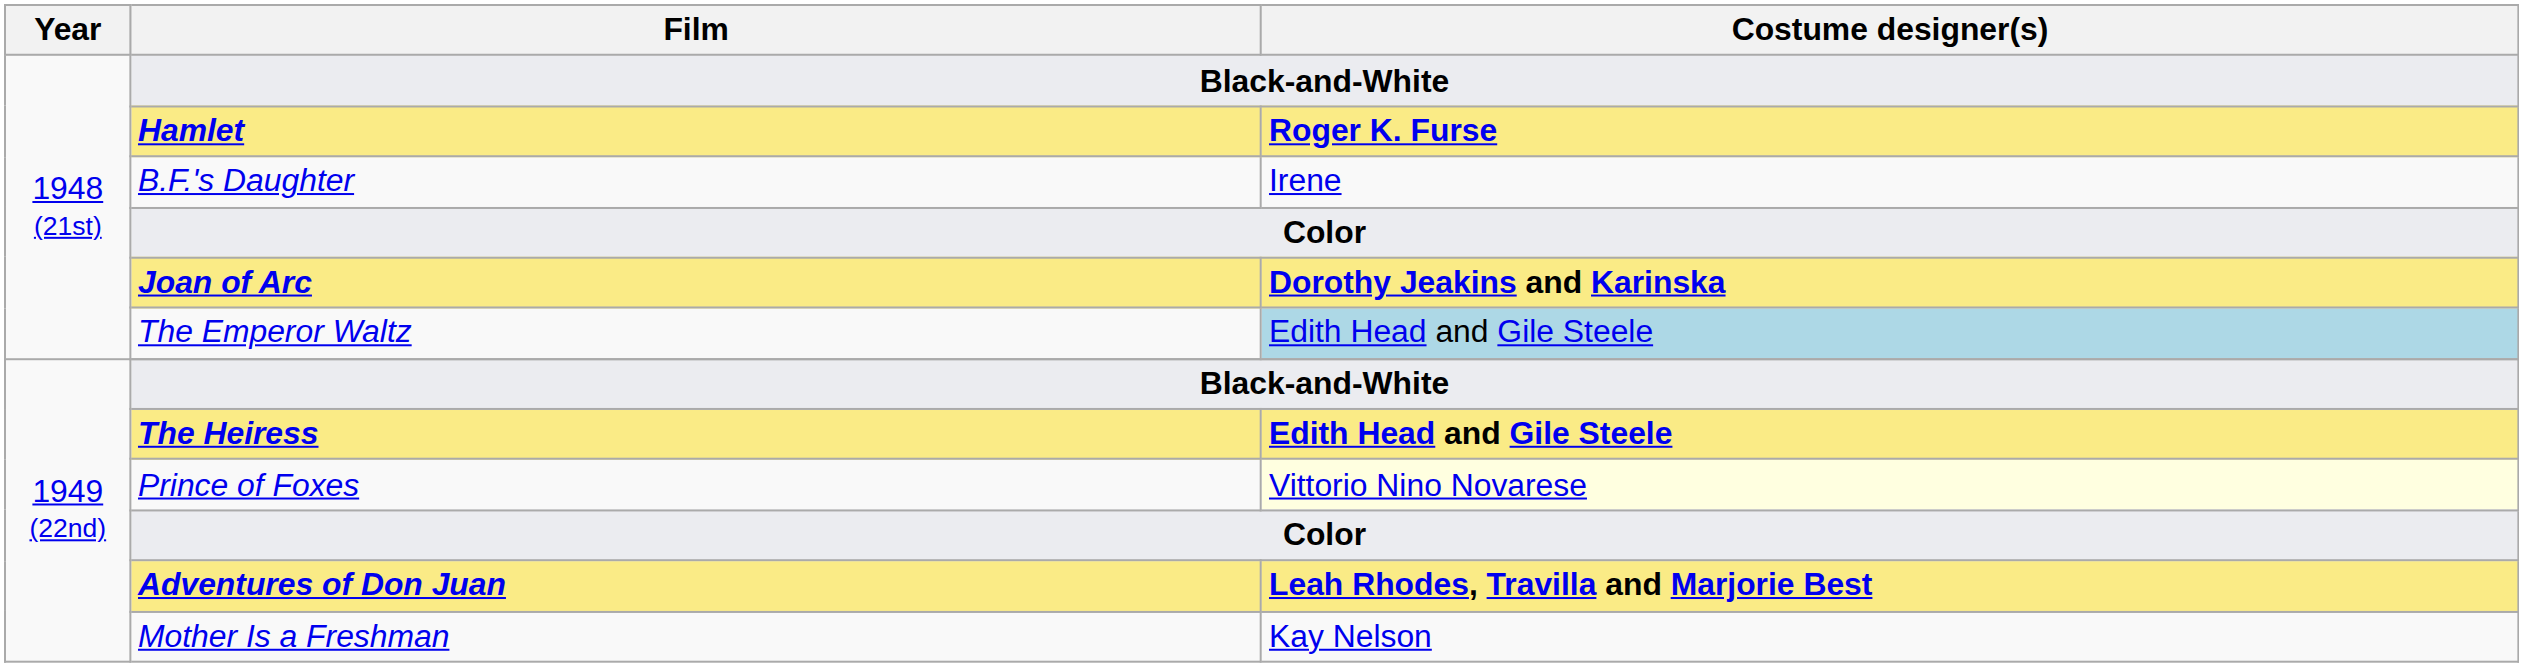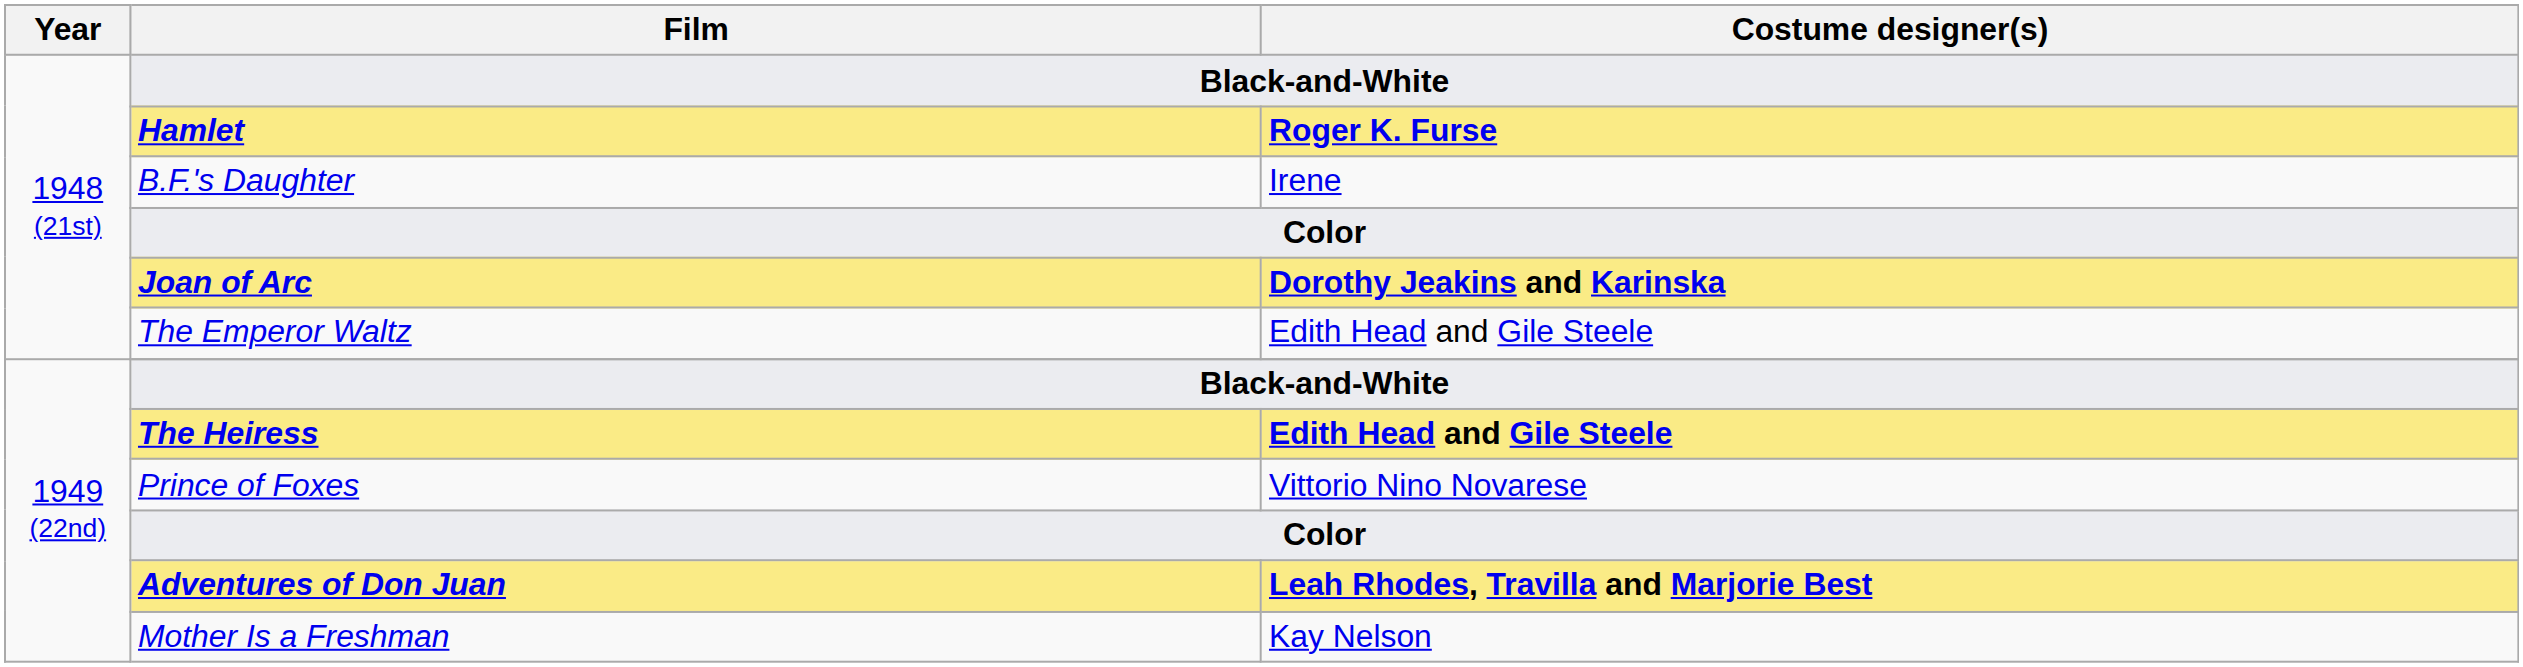 <table class="wikitable" style="width:100%">
 <tr bgcolor="#bebebe">
 <th width="5%">Year</th>
 <th width="45%">Film</th>
 <th width="50%">Costume designer(s)</th>
 </tr>
 <tr>
 <td rowspan="6" style="text-align:center"><a href='#'>1948</a><br><small><a href='#'>(21st)</a></small> <br></td>
 <td colspan="2" style="text-align:center; background:#EBECF0"><strong>Black-and-White</strong></td>
 </tr>
 <tr style="background:#FAEB86">
 <td><strong><em><a href='#'>Hamlet</a></em></strong></td>
 <td><strong><a href='#'>Roger K. Furse</a></strong></td>
 </tr>
 <tr>
 <td><em><a href='#'>B.F.'s Daughter</a></em></td>
 <td><a href='#'>Irene</a></td>
 </tr>
 <tr>
 <td colspan=2 style="text-align:center; background:#EBECF0"><strong>Color</strong></td>
 </tr>
 <tr style="background:#FAEB86">
 <td><strong><em><a href='#'>Joan of Arc</a></em></strong></td>
 <td><strong><a href='#'>Dorothy Jeakins</a> and <a href='#'>Karinska</a></strong></td>
 </tr>
 <tr>
 <td><em><a href='#'>The Emperor Waltz</a></em></td>
-<td style="background: lightblue;"><a href='#'>Edith Head</a> and <a href='#'>Gile Steele</a></td>
+<td><a href='#'>Edith Head</a> and <a href='#'>Gile Steele</a></td>
 </tr>
 <tr>
 <td rowspan="7" style="text-align:center"><a href='#'>1949</a><br><small><a href='#'>(22nd)</a></small> <br></td>
 </tr>
 <tr>
 <td colspan=2 style="text-align:center; background:#EBECF0"><strong>Black-and-White</strong></td>
 </tr>
 <tr style="background:#FAEB86">
 <td><strong><em><a href='#'>The Heiress</a></em></strong></td>
 <td><strong><a href='#'>Edith Head</a> and <a href='#'>Gile Steele</a></strong></td>
 </tr>
 <tr>
 <td><em><a href='#'>Prince of Foxes</a></em></td>
-<td style="background: lightyellow;"><a href='#'>Vittorio Nino Novarese</a></td>
+<td><a href='#'>Vittorio Nino Novarese</a></td>
 </tr>
 <tr>
 <td colspan=2 style="text-align:center; background:#EBECF0"><strong>Color</strong></td>
 </tr>
 <tr style="background:#FAEB86">
 <td><strong><em><a href='#'>Adventures of Don Juan</a></em></strong></td>
 <td><strong><a href='#'>Leah Rhodes</a>, <a href='#'>Travilla</a> and <a href='#'>Marjorie Best</a></strong></td>
 </tr>
 <tr>
 <td><em><a href='#'>Mother Is a Freshman</a></em></td>
 <td><a href='#'>Kay Nelson</a></td>
 </tr>
 </table>
